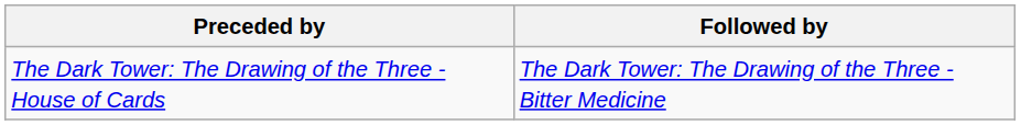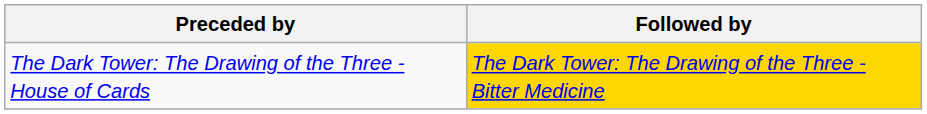 <table class="wikitable">
 <tr>
 <th><small><strong>Preceded by</strong></small></th>
 <th><small><strong>Followed by</strong></small></th>
 </tr>
 <tr>
 <td><small><em><a href='#'>The Dark Tower: The Drawing of the Three - House of Cards</a></em></small></td>
-<td><small><em><a href='#'>The Dark Tower: The Drawing of the Three - Bitter Medicine</a></em></small></td>
+<td style="background: gold;"><small><em><a href='#'>The Dark Tower: The Drawing of the Three - Bitter Medicine</a></em></small></td>
 </tr>
 </table>
